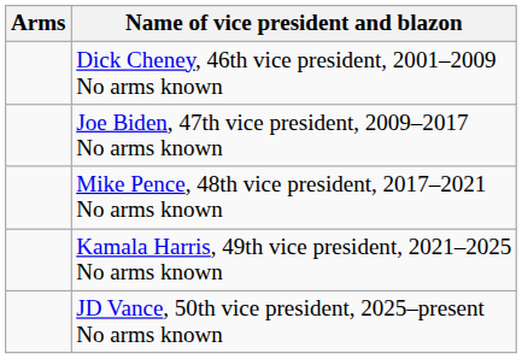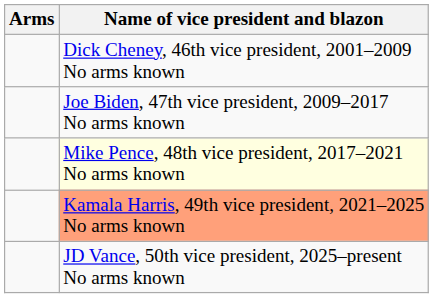 <table class=wikitable>
 <tr style="vertical-align:top; text-align:center;">
 <th>Arms</th>
 <th>Name of vice president and blazon</th>
 </tr>
 <tr valign=top>
 <td></td>
 <td><a href='#'>Dick Cheney</a>, 46th vice president, 2001–2009<br>No arms known</td>
 </tr>
 <tr valign=top>
 <td></td>
 <td><a href='#'>Joe Biden</a>, 47th vice president, 2009–2017<br>No arms known</td>
 </tr>
 <tr valign=top>
 <td></td>
-<td><a href='#'>Mike Pence</a>, 48th vice president, 2017–2021<br>No arms known</td>
+<td style="background: lightyellow;"><a href='#'>Mike Pence</a>, 48th vice president, 2017–2021<br>No arms known</td>
 </tr>
 <tr valign=top>
 <td></td>
-<td><a href='#'>Kamala Harris</a>, 49th vice president, 2021–2025<br>No arms known</td>
+<td style="background: lightsalmon;"><a href='#'>Kamala Harris</a>, 49th vice president, 2021–2025<br>No arms known</td>
 </tr>
 <tr valign=top>
 <td></td>
 <td><a href='#'>JD Vance</a>, 50th vice president, 2025–present<br>No arms known</td>
 </tr>
 </table>
